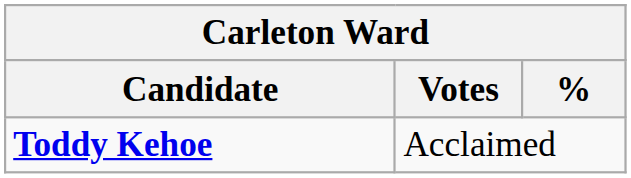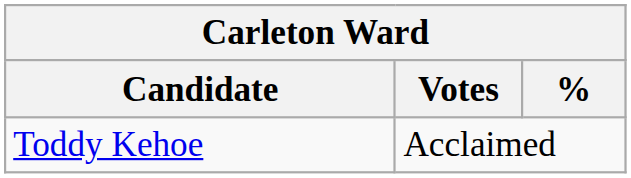 <table class="wikitable">
 <tr>
 <th colspan="3">Carleton Ward</th>
 </tr>
 <tr>
 <th style="width: 170px">Candidate</th>
 <th style="width: 50px">Votes</th>
 <th style="width: 40px">%</th>
 </tr>
 <tr>
-<td><strong><a href='#'>Toddy Kehoe</a></strong></td>
+<td><a href='#'>Toddy Kehoe</a></td>
 <td colspan="2">Acclaimed</td>
 </tr>
 </table>
